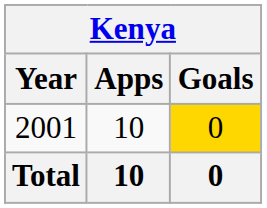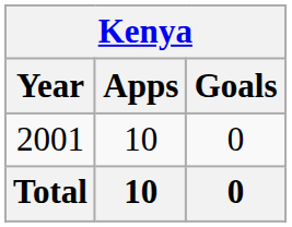 <table class="wikitable" style="text-align:center">
 <tr>
 <th colspan=3><a href='#'>Kenya</a></th>
 </tr>
 <tr>
 <th>Year</th>
 <th>Apps</th>
 <th>Goals</th>
 </tr>
 <tr>
 <td>2001</td>
 <td>10</td>
-<td style="background: gold;">0</td>
+<td>0</td>
 </tr>
 <tr>
 <th>Total</th>
 <th>10</th>
 <th>0</th>
 </tr>
 </table>
